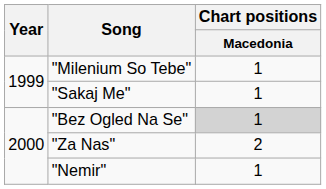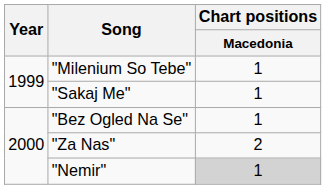 <table class="wikitable">
 <tr>
 <th rowspan="2">Year</th>
 <th rowspan="2">Song</th>
 <th>Chart positions</th>
 </tr>
 <tr>
 <th><small>Macedonia</small></th>
 </tr>
 <tr>
 <td rowspan="2">1999</td>
 <td>"Milenium So Tebe"</td>
 <td align="center">1</td>
 </tr>
 <tr>
 <td>"Sakaj Me"</td>
 <td align="center">1</td>
 </tr>
 <tr>
 <td rowspan="3">2000</td>
 <td>"Bez Ogled Na Se"</td>
-<td align="center" style="background: lightgrey;">1</td>
+<td align="center">1</td>
 </tr>
 <tr>
 <td>"Za Nas"</td>
 <td align="center">2</td>
 </tr>
 <tr>
 <td>"Nemir"</td>
-<td align="center">1</td>
+<td align="center" style="background: lightgrey;">1</td>
 </tr>
 </table>
